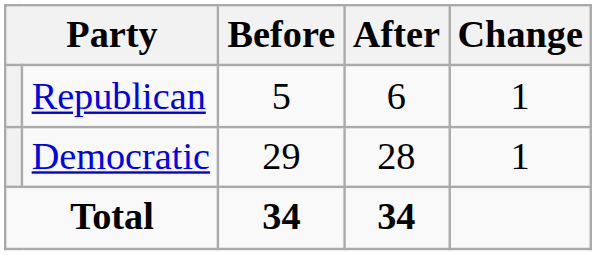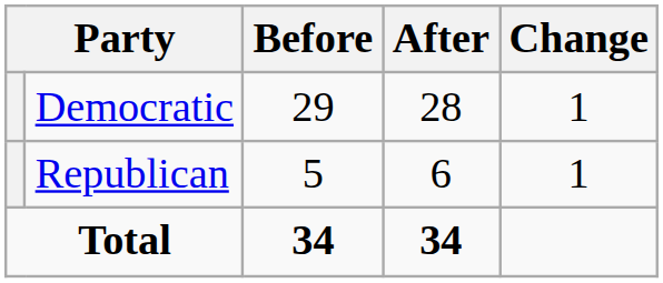 <table class="wikitable" style="text-align:center;">
 <tr>
 <th colspan="2">Party</th>
 <th>Before</th>
 <th>After</th>
 <th>Change</th>
 </tr>
 <tr>
 <th style="background-color:"></th>
-<td style="text-align:left;"><a href='#'>Republican</a></td>
-<td>5</td>
-<td>6</td>
+<td style="text-align:left;"><a href='#'>Democratic</a></td>
+<td>29</td>
+<td>28</td>
 <td> 1</td>
 </tr>
 <tr>
 <th style="background-color:"></th>
-<td style="text-align:left;"><a href='#'>Democratic</a></td>
-<td>29</td>
-<td>28</td>
+<td style="text-align:left;"><a href='#'>Republican</a></td>
+<td>5</td>
+<td>6</td>
 <td> 1</td>
 </tr>
 <tr>
 <td colspan="2"><strong>Total</strong></td>
 <td><strong>34</strong></td>
 <td><strong>34</strong></td>
 <td></td>
 </tr>
 </table>
